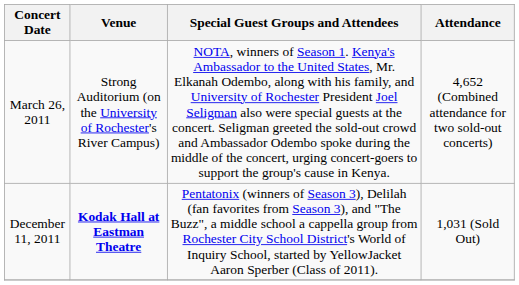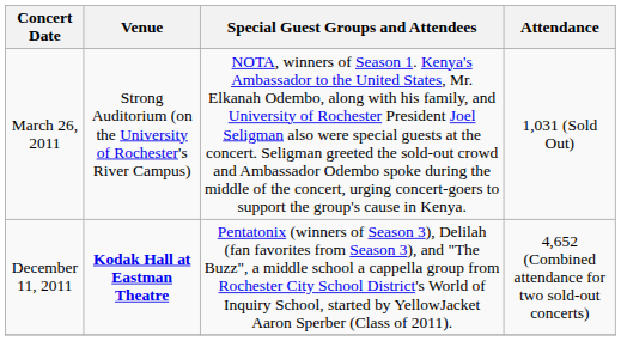 <table class="wikitable">
 <tr>
 <th align="center">Concert Date</th>
 <th align="center">Venue</th>
 <th align="center">Special Guest Groups and Attendees</th>
 <th align="center">Attendance</th>
 </tr>
 <tr>
 <td align="center">March 26, 2011</td>
 <td align="center">Strong Auditorium (on the <a href='#'>University of Rochester</a>'s River Campus)</td>
 <td align="center"><a href='#'>NOTA</a>, winners of <a href='#'>Season 1</a>. <a href='#'>Kenya's Ambassador to the United States</a>, Mr. Elkanah Odembo, along with his family, and <a href='#'>University of Rochester</a> President <a href='#'>Joel Seligman</a> also were special guests at the concert. Seligman greeted the sold-out crowd and Ambassador Odembo spoke during the middle of the concert, urging concert-goers to support the group's cause in Kenya.</td>
-<td align="center">4,652 (Combined attendance for two sold-out concerts)</td>
+<td align="center">1,031 (Sold Out)</td>
 </tr>
 <tr>
 <td align="center">December 11, 2011</td>
 <td align="center"><strong><a href='#'>Kodak Hall at Eastman Theatre</a></strong></td>
 <td align="center"><a href='#'>Pentatonix</a> (winners of <a href='#'>Season 3</a>), Delilah (fan favorites from <a href='#'>Season 3</a>), and "The Buzz", a middle school a cappella group from <a href='#'>Rochester City School District</a>'s World of Inquiry School, started by YellowJacket Aaron Sperber (Class of 2011).</td>
-<td align="center">1,031 (Sold Out)</td>
+<td align="center">4,652 (Combined attendance for two sold-out concerts)</td>
 </tr>
 <tr>
 </tr>
 </table>
